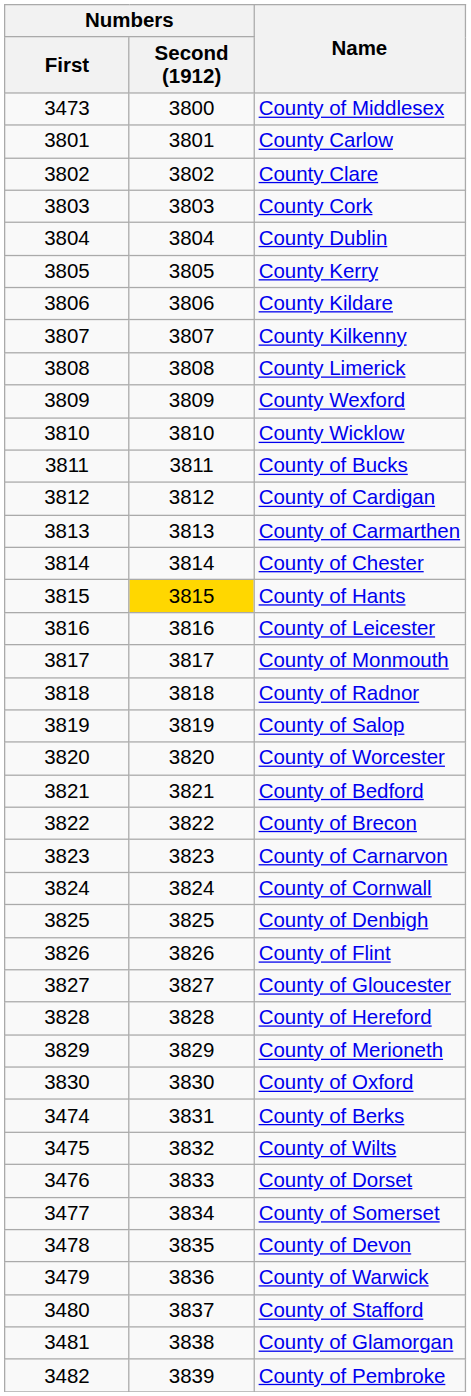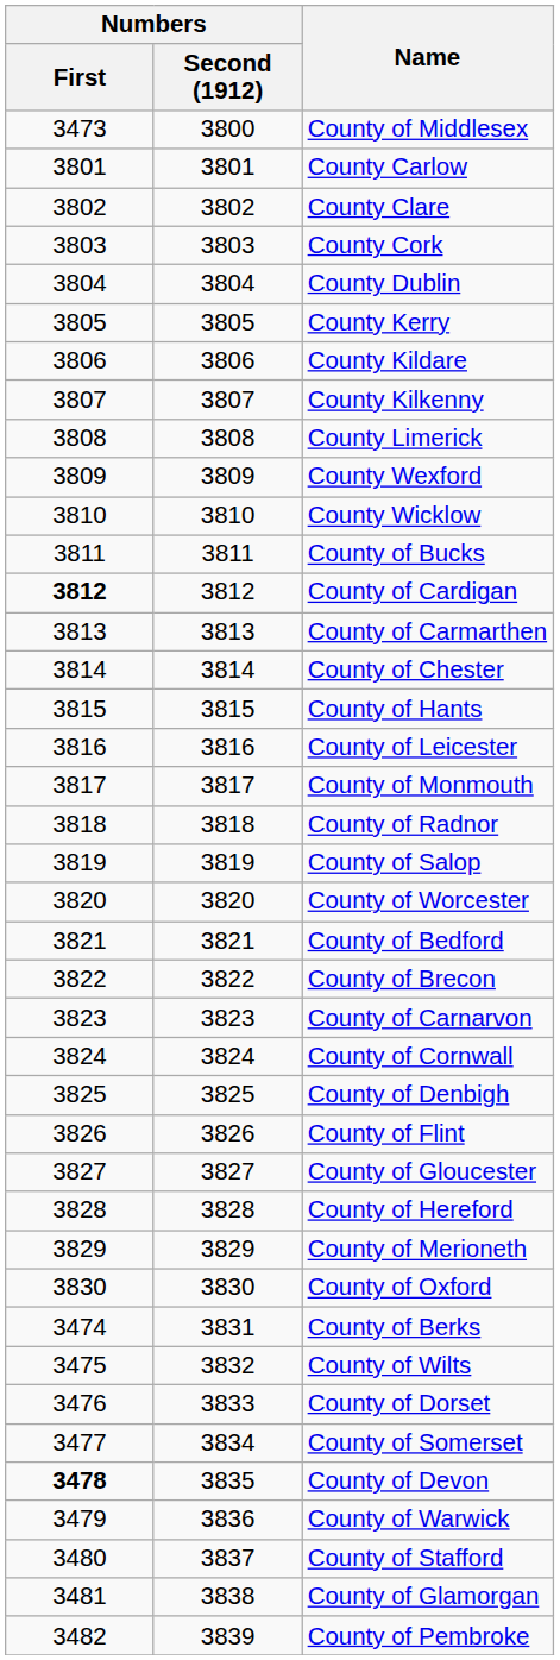 <table class="wikitable">
 <tr>
 <th colspan=2 align=center>Numbers</th>
 <th rowspan=2 align=center>Name</th>
 </tr>
 <tr>
 <th width="90" align=center>First</th>
 <th width="90" align=center>Second (1912)</th>
 </tr>
 <tr>
 <td align=center>3473</td>
 <td align=center>3800</td>
 <td><a href='#'>County of Middlesex</a></td>
 </tr>
 <tr>
 <td align=center>3801</td>
 <td align=center>3801</td>
 <td><a href='#'>County Carlow</a></td>
 </tr>
 <tr>
 <td align=center>3802</td>
 <td align=center>3802</td>
 <td><a href='#'>County Clare</a></td>
 </tr>
 <tr>
 <td align=center>3803</td>
 <td align=center>3803</td>
 <td><a href='#'>County Cork</a></td>
 </tr>
 <tr>
 <td align=center>3804</td>
 <td align=center>3804</td>
 <td><a href='#'>County Dublin</a></td>
 </tr>
 <tr>
 <td align=center>3805</td>
 <td align=center>3805</td>
 <td><a href='#'>County Kerry</a></td>
 </tr>
 <tr>
 <td align=center>3806</td>
 <td align=center>3806</td>
 <td><a href='#'>County Kildare</a></td>
 </tr>
 <tr>
 <td align=center>3807</td>
 <td align=center>3807</td>
 <td><a href='#'>County Kilkenny</a></td>
 </tr>
 <tr>
 <td align=center>3808</td>
 <td align=center>3808</td>
 <td><a href='#'>County Limerick</a></td>
 </tr>
 <tr>
 <td align=center>3809</td>
 <td align=center>3809</td>
 <td><a href='#'>County Wexford</a></td>
 </tr>
 <tr>
 <td align=center>3810</td>
 <td align=center>3810</td>
 <td><a href='#'>County Wicklow</a></td>
 </tr>
 <tr>
 <td align=center>3811</td>
 <td align=center>3811</td>
 <td><a href='#'>County of Bucks</a></td>
 </tr>
 <tr>
-<td align=center>3812</td>
+<td align=center><strong>3812</strong></td>
 <td align=center>3812</td>
 <td><a href='#'>County of Cardigan</a></td>
 </tr>
 <tr>
 <td align=center>3813</td>
 <td align=center>3813</td>
 <td><a href='#'>County of Carmarthen</a></td>
 </tr>
 <tr>
 <td align=center>3814</td>
 <td align=center>3814</td>
 <td><a href='#'>County of Chester</a></td>
 </tr>
 <tr>
 <td align=center>3815</td>
-<td align=center style="background: gold;">3815</td>
+<td align=center>3815</td>
 <td><a href='#'>County of Hants</a></td>
 </tr>
 <tr>
 <td align=center>3816</td>
 <td align=center>3816</td>
 <td><a href='#'>County of Leicester</a></td>
 </tr>
 <tr>
 <td align=center>3817</td>
 <td align=center>3817</td>
 <td><a href='#'>County of Monmouth</a></td>
 </tr>
 <tr>
 <td align=center>3818</td>
 <td align=center>3818</td>
 <td><a href='#'>County of Radnor</a></td>
 </tr>
 <tr>
 <td align=center>3819</td>
 <td align=center>3819</td>
 <td><a href='#'>County of Salop</a></td>
 </tr>
 <tr>
 <td align=center>3820</td>
 <td align=center>3820</td>
 <td><a href='#'>County of Worcester</a></td>
 </tr>
 <tr>
 <td align=center>3821</td>
 <td align=center>3821</td>
 <td><a href='#'>County of Bedford</a></td>
 </tr>
 <tr>
 <td align=center>3822</td>
 <td align=center>3822</td>
 <td><a href='#'>County of Brecon</a></td>
 </tr>
 <tr>
 <td align=center>3823</td>
 <td align=center>3823</td>
 <td><a href='#'>County of Carnarvon</a></td>
 </tr>
 <tr>
 <td align=center>3824</td>
 <td align=center>3824</td>
 <td><a href='#'>County of Cornwall</a></td>
 </tr>
 <tr>
 <td align=center>3825</td>
 <td align=center>3825</td>
 <td><a href='#'>County of Denbigh</a></td>
 </tr>
 <tr>
 <td align=center>3826</td>
 <td align=center>3826</td>
 <td><a href='#'>County of Flint</a></td>
 </tr>
 <tr>
 <td align=center>3827</td>
 <td align=center>3827</td>
 <td><a href='#'>County of Gloucester</a></td>
 </tr>
 <tr>
 <td align=center>3828</td>
 <td align=center>3828</td>
 <td><a href='#'>County of Hereford</a></td>
 </tr>
 <tr>
 <td align=center>3829</td>
 <td align=center>3829</td>
 <td><a href='#'>County of Merioneth</a></td>
 </tr>
 <tr>
 <td align=center>3830</td>
 <td align=center>3830</td>
 <td><a href='#'>County of Oxford</a></td>
 </tr>
 <tr>
 <td align=center>3474</td>
 <td align=center>3831</td>
 <td><a href='#'>County of Berks</a></td>
 </tr>
 <tr>
 <td align=center>3475</td>
 <td align=center>3832</td>
 <td><a href='#'>County of Wilts</a></td>
 </tr>
 <tr>
 <td align=center>3476</td>
 <td align=center>3833</td>
 <td><a href='#'>County of Dorset</a></td>
 </tr>
 <tr>
 <td align=center>3477</td>
 <td align=center>3834</td>
 <td><a href='#'>County of Somerset</a></td>
 </tr>
 <tr>
-<td align=center>3478</td>
+<td align=center><strong>3478</strong></td>
 <td align=center>3835</td>
 <td><a href='#'>County of Devon</a></td>
 </tr>
 <tr>
 <td align=center>3479</td>
 <td align=center>3836</td>
 <td><a href='#'>County of Warwick</a></td>
 </tr>
 <tr>
 <td align=center>3480</td>
 <td align=center>3837</td>
 <td><a href='#'>County of Stafford</a></td>
 </tr>
 <tr>
 <td align=center>3481</td>
 <td align=center>3838</td>
 <td><a href='#'>County of Glamorgan</a></td>
 </tr>
 <tr>
 <td align=center>3482</td>
 <td align=center>3839</td>
 <td><a href='#'>County of Pembroke</a></td>
 </tr>
 <tr>
 </tr>
 </table>
